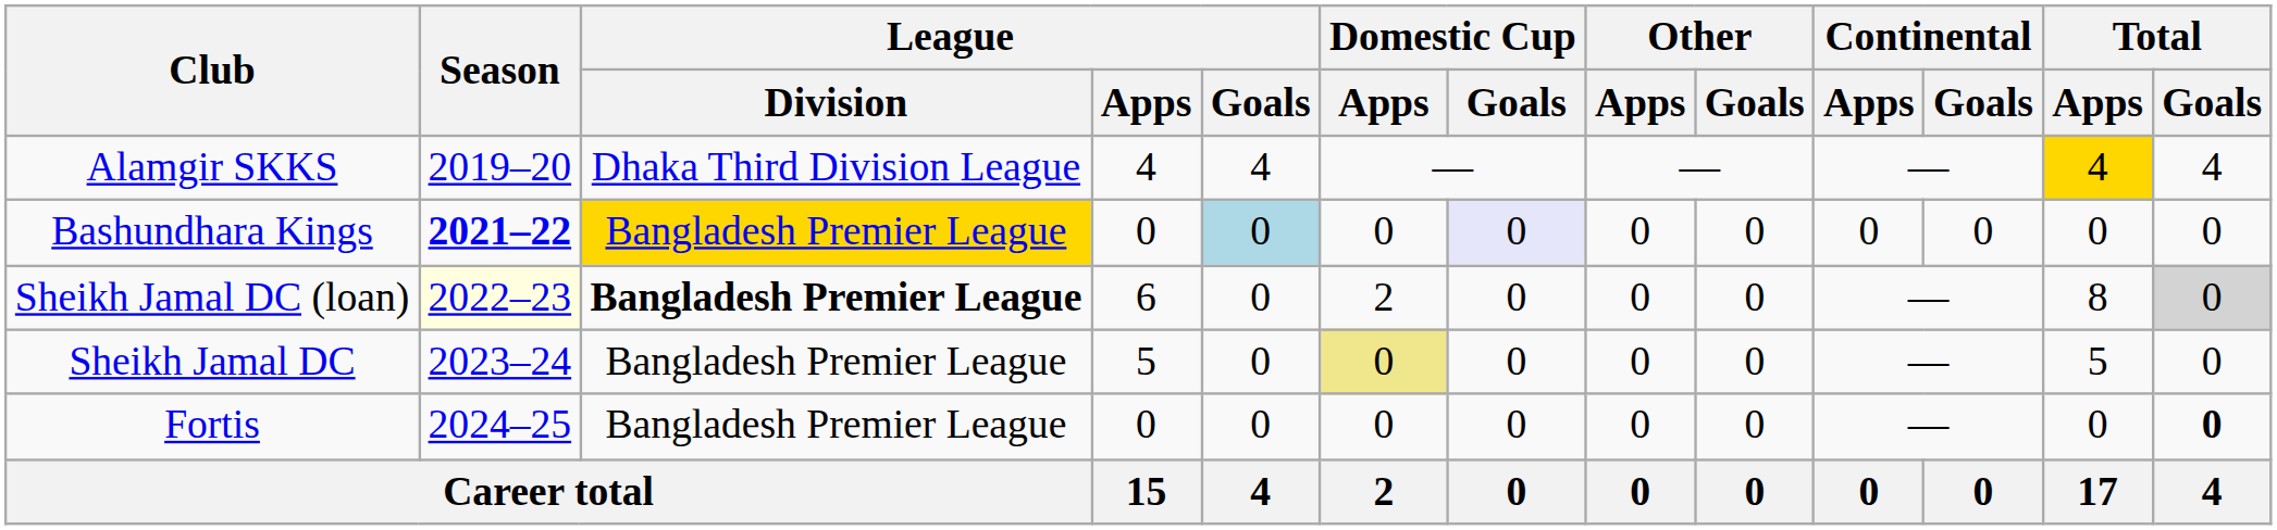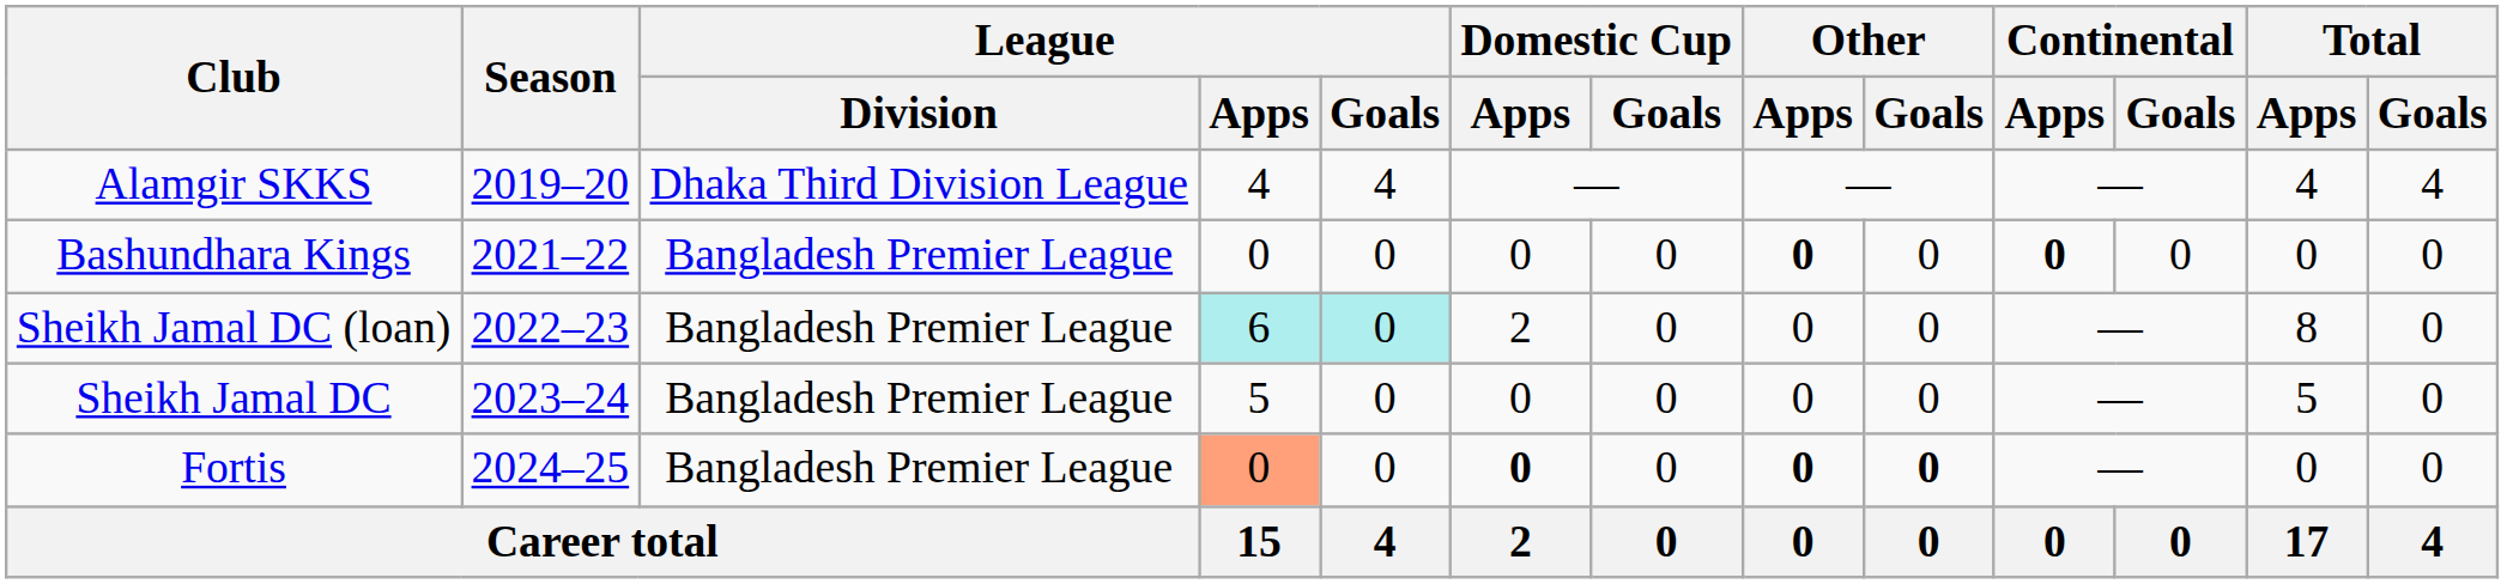 <table class="wikitable" style="text-align:center">
 <tr>
 <th rowspan="2">Club</th>
 <th rowspan="2">Season</th>
 <th colspan="3">League</th>
 <th colspan="2">Domestic Cup</th>
 <th colspan="2">Other</th>
 <th colspan="2">Continental</th>
 <th colspan="2">Total</th>
 </tr>
 <tr>
 <th>Division</th>
 <th>Apps</th>
 <th>Goals</th>
 <th>Apps</th>
 <th>Goals</th>
 <th>Apps</th>
 <th>Goals</th>
 <th>Apps</th>
 <th>Goals</th>
 <th>Apps</th>
 <th>Goals</th>
 </tr>
 <tr>
 <td><a href='#'>Alamgir SKKS</a></td>
 <td><a href='#'>2019–20</a></td>
 <td><a href='#'>Dhaka Third Division League</a></td>
 <td>4</td>
 <td>4</td>
 <td colspan="2">—</td>
 <td colspan="2">—</td>
 <td colspan="2">—</td>
-<td style="background: gold;">4</td>
+<td>4</td>
 <td>4</td>
 </tr>
 <tr>
 <td><a href='#'>Bashundhara Kings</a></td>
-<td><strong><a href='#'>2021–22</a></strong></td>
-<td style="background: gold;"><a href='#'>Bangladesh Premier League</a></td>
-<td>0</td>
-<td style="background: lightblue;">0</td>
-<td>0</td>
-<td style="background: lavender;">0</td>
+<td><a href='#'>2021–22</a></td>
+<td><a href='#'>Bangladesh Premier League</a></td>
 <td>0</td>
 <td>0</td>
 <td>0</td>
+<td>0</td>
+<td><strong>0</strong></td>
+<td>0</td>
+<td><strong>0</strong></td>
 <td>0</td>
 <td>0</td>
 <td>0</td>
 </tr>
 <tr>
 <td><a href='#'>Sheikh Jamal DC</a> (loan)</td>
-<td style="background: lightyellow;"><a href='#'>2022–23</a></td>
-<td><strong>Bangladesh Premier League</strong></td>
-<td>6</td>
-<td>0</td>
+<td><a href='#'>2022–23</a></td>
+<td>Bangladesh Premier League</td>
+<td style="background: paleturquoise;">6</td>
+<td style="background: paleturquoise;">0</td>
 <td>2</td>
 <td>0</td>
 <td>0</td>
 <td>0</td>
 <td colspan="2">—</td>
 <td>8</td>
-<td style="background: lightgrey;">0</td>
+<td>0</td>
 </tr>
 <tr>
 <td><a href='#'>Sheikh Jamal DC</a></td>
 <td><a href='#'>2023–24</a></td>
 <td>Bangladesh Premier League</td>
 <td>5</td>
 <td>0</td>
-<td style="background: khaki;">0</td>
+<td>0</td>
 <td>0</td>
 <td>0</td>
 <td>0</td>
 <td colspan="2">—</td>
 <td>5</td>
 <td>0</td>
 </tr>
 <tr>
 <td><a href='#'>Fortis</a></td>
 <td><a href='#'>2024–25</a></td>
 <td>Bangladesh Premier League</td>
+<td style="background: lightsalmon;">0</td>
+<td>0</td>
+<td><strong>0</strong></td>
+<td>0</td>
+<td><strong>0</strong></td>
+<td><strong>0</strong></td>
+<td colspan="2">—</td>
 <td>0</td>
 <td>0</td>
-<td>0</td>
-<td>0</td>
-<td>0</td>
-<td>0</td>
-<td colspan="2">—</td>
-<td>0</td>
-<td><strong>0</strong></td>
 </tr>
 <tr>
 <th colspan="3">Career total</th>
 <th>15</th>
 <th>4</th>
 <th>2</th>
 <th>0</th>
 <th>0</th>
 <th>0</th>
 <th>0</th>
 <th>0</th>
 <th>17</th>
 <th>4</th>
 </tr>
 </table>
